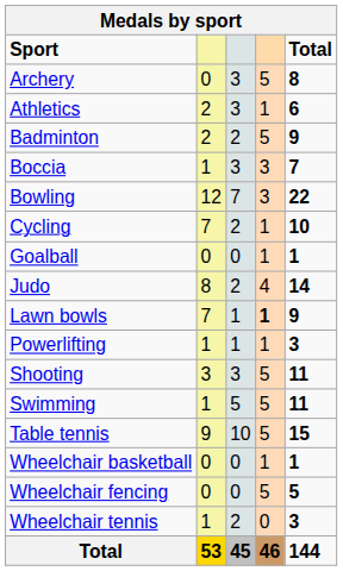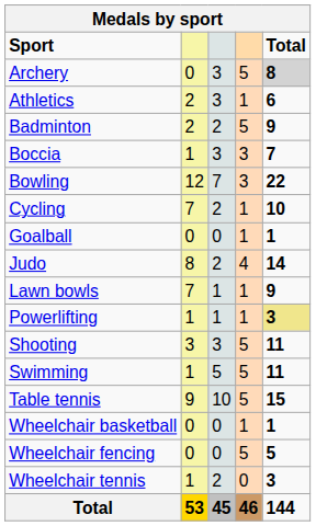 <table class=wikitable style="font-size:95%; ">
 <tr bgcolor=EFEFEF>
 <th colspan=7><strong>Medals by sport</strong></th>
 </tr>
 <tr>
 <td><strong>Sport</strong></td>
 <td bgcolor=F7F6A8></td>
 <td bgcolor=DCE5E5></td>
 <td bgcolor=FFDBA9></td>
 <td><strong>Total</strong></td>
 </tr>
 <tr>
 <td><a href='#'>Archery</a></td>
 <td bgcolor=F7F6A8>0</td>
 <td bgcolor=DCE5E5>3</td>
 <td bgcolor=FFDAB9>5</td>
-<td><strong>8</strong></td>
+<td style="background: lightgrey;"><strong>8</strong></td>
 </tr>
 <tr>
 <td><a href='#'>Athletics</a></td>
 <td bgcolor=F7F6A8>2</td>
 <td bgcolor=DCE5E5>3</td>
 <td bgcolor=FFDAB9>1</td>
 <td><strong>6</strong></td>
 </tr>
 <tr>
 <td><a href='#'>Badminton</a></td>
 <td bgcolor=F7F6A8>2</td>
 <td bgcolor=DCE5E5>2</td>
 <td bgcolor=FFDAB9>5</td>
 <td><strong>9</strong></td>
 </tr>
 <tr>
 <td><a href='#'>Boccia</a></td>
 <td bgcolor=F7F6A8>1</td>
 <td bgcolor=DCE5E5>3</td>
 <td bgcolor=FFDAB9>3</td>
 <td><strong>7</strong></td>
 </tr>
 <tr>
 <td><a href='#'>Bowling</a></td>
 <td bgcolor=F7F6A8>12</td>
 <td bgcolor=DCE5E5>7</td>
 <td bgcolor=FFDAB9>3</td>
 <td><strong>22</strong></td>
 </tr>
 <tr>
 <td><a href='#'>Cycling</a></td>
 <td bgcolor=F7F6A8>7</td>
 <td bgcolor=DCE5E5>2</td>
 <td bgcolor=FFDAB9>1</td>
 <td><strong>10</strong></td>
 </tr>
 <tr>
 <td><a href='#'>Goalball</a></td>
 <td bgcolor=F7F6A8>0</td>
 <td bgcolor=DCE5E5>0</td>
 <td bgcolor=FFDAB9>1</td>
 <td><strong>1</strong></td>
 </tr>
 <tr>
 <td><a href='#'>Judo</a></td>
 <td bgcolor=F7F6A8>8</td>
 <td bgcolor=DCE5E5>2</td>
 <td bgcolor=FFDAB9>4</td>
 <td><strong>14</strong></td>
 </tr>
 <tr>
 <td><a href='#'>Lawn bowls</a></td>
 <td bgcolor=F7F6A8>7</td>
 <td bgcolor=DCE5E5>1</td>
-<td bgcolor=FFDAB9><strong>1</strong></td>
+<td bgcolor=FFDAB9>1</td>
 <td><strong>9</strong></td>
 </tr>
 <tr>
 <td><a href='#'>Powerlifting</a></td>
 <td bgcolor=F7F6A8>1</td>
 <td bgcolor=DCE5E5>1</td>
 <td bgcolor=FFDAB9>1</td>
-<td><strong>3</strong></td>
+<td style="background: khaki;"><strong>3</strong></td>
 </tr>
 <tr>
 <td><a href='#'>Shooting</a></td>
 <td bgcolor=F7F6A8>3</td>
 <td bgcolor=DCE5E5>3</td>
 <td bgcolor=FFDAB9>5</td>
 <td><strong>11</strong></td>
 </tr>
 <tr>
 <td><a href='#'>Swimming</a></td>
 <td bgcolor=F7F6A8>1</td>
 <td bgcolor=DCE5E5>5</td>
 <td bgcolor=FFDAB9>5</td>
 <td><strong>11</strong></td>
 </tr>
 <tr>
 <td><a href='#'>Table tennis</a></td>
 <td bgcolor=F7F6A8>9</td>
 <td bgcolor=DCE5E5>10</td>
 <td bgcolor=FFDAB9>5</td>
 <td><strong>15</strong></td>
 </tr>
 <tr>
 <td><a href='#'>Wheelchair basketball</a></td>
 <td bgcolor=F7F6A8>0</td>
 <td bgcolor=DCE5E5>0</td>
 <td bgcolor=FFDAB9>1</td>
 <td><strong>1</strong></td>
 </tr>
 <tr>
 <td><a href='#'>Wheelchair fencing</a></td>
 <td bgcolor=F7F6A8>0</td>
 <td bgcolor=DCE5E5>0</td>
 <td bgcolor=FFDAB9>5</td>
 <td><strong>5</strong></td>
 </tr>
 <tr>
 <td><a href='#'>Wheelchair tennis</a></td>
 <td bgcolor=F7F6A8>1</td>
 <td bgcolor=DCE5E5>2</td>
 <td bgcolor=FFDAB9>0</td>
 <td><strong>3</strong></td>
 </tr>
 <tr>
 <th><strong>Total</strong></th>
 <td style="background:gold;"><strong>53</strong></td>
 <td style="background:silver;"><strong>45</strong></td>
 <td style="background:#c96;"><strong>46</strong></td>
 <td><strong>144</strong></td>
 </tr>
 </table>
